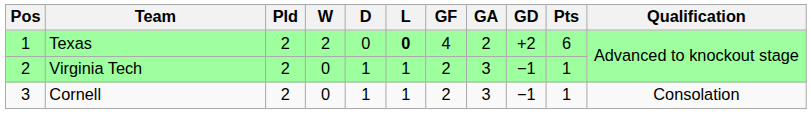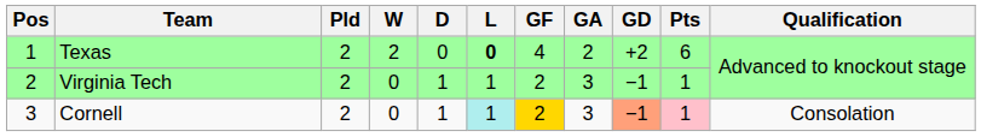 <table class="wikitable" style="text-align:center; margin: 1em auto">
 <tr>
 <th style="width:2em">Pos</th>
 <th style="width:13em">Team</th>
 <th style="width:2em">Pld</th>
 <th style="width:2em">W</th>
 <th style="width:2em">D</th>
 <th style="width:2em">L</th>
 <th style="width:2em">GF</th>
 <th style="width:2em">GA</th>
 <th style="width:2em">GD</th>
 <th style="width:2em">Pts</th>
 <th style="width:13em">Qualification</th>
 </tr>
 <tr bgcolor="#9eff9e">
 <td>1</td>
 <td style="text-align:left">Texas</td>
 <td>2</td>
 <td>2</td>
 <td>0</td>
 <td><strong>0</strong></td>
 <td>4</td>
 <td>2</td>
 <td>+2</td>
 <td>6</td>
 <td rowspan="2">Advanced to knockout stage</td>
 </tr>
 <tr bgcolor="#9eff9e">
 <td>2</td>
 <td style="text-align:left">Virginia Tech</td>
 <td>2</td>
 <td>0</td>
 <td>1</td>
 <td>1</td>
 <td>2</td>
 <td>3</td>
 <td>−1</td>
 <td>1</td>
 </tr>
 <tr>
 <td>3</td>
 <td style="text-align:left">Cornell</td>
 <td>2</td>
 <td>0</td>
 <td>1</td>
-<td>1</td>
-<td>2</td>
+<td style="background: paleturquoise;">1</td>
+<td style="background: gold;">2</td>
 <td>3</td>
-<td>−1</td>
-<td>1</td>
+<td style="background: lightsalmon;">−1</td>
+<td style="background: pink;">1</td>
 <td>Consolation</td>
 </tr>
 </table>
